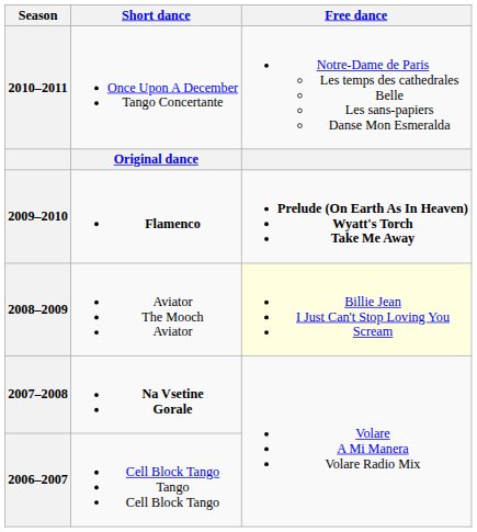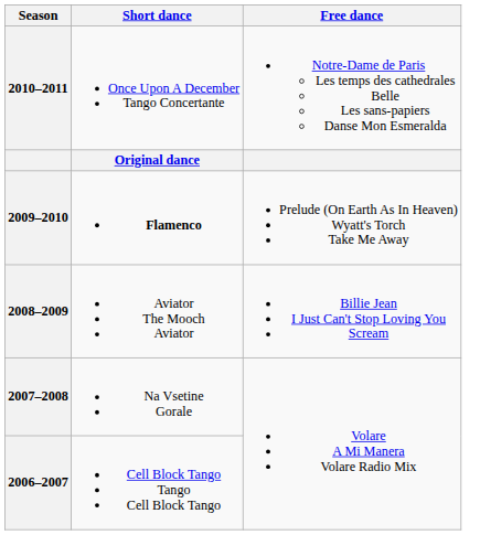 <table class="wikitable" style="text-align:center">
 <tr>
 <th>Season</th>
 <th><a href='#'>Short dance</a></th>
 <th><a href='#'>Free dance</a></th>
 </tr>
 <tr>
 <th>2010–2011 <br> </th>
 <td><br><ul><li><a href='#'>Once Upon A December</a> <br></li><li>Tango Concertante <br></li></ul></td>
 <td><br><ul><li><a href='#'>Notre-Dame de Paris</a> <br><ul><li>Les temps des cathedrales</li><li>Belle</li><li>Les sans-papiers</li><li>Danse Mon Esmeralda</li></ul></li></ul></td>
 </tr>
 <tr>
 <th></th>
 <th><a href='#'>Original dance</a></th>
 <th></th>
 </tr>
 <tr>
 <th>2009–2010 <br> </th>
 <td><strong><br><ul><li>Flamenco</li></ul></strong></td>
-<td><strong><br><ul><li>Prelude (On Earth As In Heaven) <br></li><li>Wyatt's Torch <br></li><li>Take Me Away <br></li></ul></strong></td>
+<td><br><ul><li>Prelude (On Earth As In Heaven) <br></li><li>Wyatt's Torch <br></li><li>Take Me Away <br></li></ul></td>
 </tr>
 <tr>
 <th>2008–2009 <br> </th>
 <td><br><ul><li> Aviator</li><li>The Mooch</li><li> Aviator</li></ul></td>
-<td style="background: lightyellow;"><br><ul><li><a href='#'>Billie Jean</a> <br></li><li><a href='#'>I Just Can't Stop Loving You</a> <br></li><li><a href='#'>Scream</a> <br></li></ul></td>
+<td><br><ul><li><a href='#'>Billie Jean</a> <br></li><li><a href='#'>I Just Can't Stop Loving You</a> <br></li><li><a href='#'>Scream</a> <br></li></ul></td>
 </tr>
 <tr>
 <th>2007–2008 <br> </th>
-<td><strong><br><ul><li>Na Vsetine <br></li><li>Gorale <br></li></ul></strong></td>
+<td><br><ul><li>Na Vsetine <br></li><li>Gorale <br></li></ul></td>
 <td rowspan=2><br><ul><li><a href='#'>Volare</a> <br></li><li><a href='#'>A Mi Manera</a> <br></li><li>Volare Radio Mix <br></li></ul></td>
 </tr>
 <tr>
 <th>2006–2007 <br> </th>
 <td><br><ul><li><a href='#'>Cell Block Tango</a> <br></li><li>Tango <br></li><li>Cell Block Tango <br></li></ul></td>
 </tr>
 </table>
